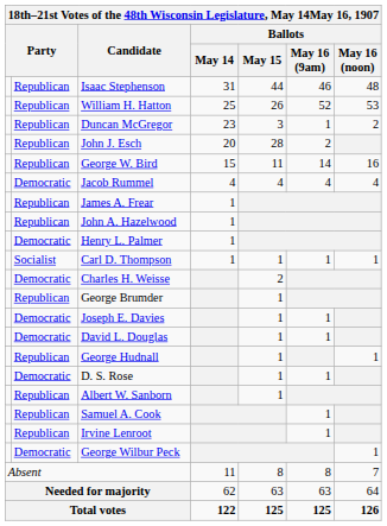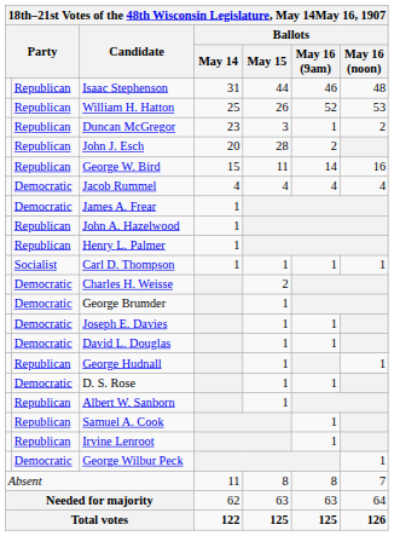 <table class="wikitable sortable">
 <tr>
 <th colspan="7" align="center">18th–21st Votes of the <a href='#'>48th Wisconsin Legislature</a>, May 14May 16, 1907</th>
 </tr>
 <tr>
 <th colspan="2" rowspan="2" class="unsortable">Party</th>
 <th rowspan="2" class="unsortable">Candidate</th>
 <th colspan="4">Ballots</th>
 </tr>
 <tr>
 <th>May 14</th>
 <th>May 15</th>
 <th>May 16<br>(9am)</th>
 <th>May 16<br>(noon)</th>
 </tr>
 <tr>
 <td style="background-color:"></td>
 <td><a href='#'>Republican</a></td>
 <td><a href='#'>Isaac Stephenson</a></td>
 <td align="right">31</td>
 <td align="right">44</td>
 <td align="right">46</td>
 <td align="right">48</td>
 </tr>
 <tr>
 <td style="background-color:"></td>
 <td><a href='#'>Republican</a></td>
 <td><a href='#'>William H. Hatton</a></td>
 <td align="right">25</td>
 <td align="right">26</td>
 <td align="right">52</td>
 <td align="right">53</td>
 </tr>
 <tr>
 <td style="background-color:"></td>
 <td><a href='#'>Republican</a></td>
 <td><a href='#'>Duncan McGregor</a></td>
 <td align="right">23</td>
 <td align="right">3</td>
 <td align="right">1</td>
 <td align="right">2</td>
 </tr>
 <tr>
 <td style="background-color:"></td>
 <td><a href='#'>Republican</a></td>
 <td><a href='#'>John J. Esch</a></td>
 <td align="right">20</td>
 <td align="right">28</td>
 <td align="right">2</td>
 <th></th>
 </tr>
 <tr>
 <td style="background-color:"></td>
 <td><a href='#'>Republican</a></td>
 <td><a href='#'>George W. Bird</a></td>
 <td align="right">15</td>
 <td align="right">11</td>
 <td align="right">14</td>
 <td align="right">16</td>
 </tr>
 <tr>
 <td style="background-color:"></td>
 <td><a href='#'>Democratic</a></td>
 <td><a href='#'>Jacob Rummel</a></td>
 <td align="right">4</td>
 <td align="right">4</td>
 <td align="right">4</td>
 <td align="right">4</td>
 </tr>
 <tr>
 <td style="background-color:"></td>
-<td><a href='#'>Republican</a></td>
+<td><a href='#'>Democratic</a></td>
 <td><a href='#'>James A. Frear</a></td>
 <td align="right">1</td>
 <th colspan="3"></th>
 </tr>
 <tr>
 <td style="background-color:"></td>
 <td><a href='#'>Republican</a></td>
 <td><a href='#'>John A. Hazelwood</a></td>
 <td align="right">1</td>
 <th colspan="3"></th>
 </tr>
 <tr>
 <td style="background-color:"></td>
-<td><a href='#'>Democratic</a></td>
+<td><a href='#'>Republican</a></td>
 <td><a href='#'>Henry L. Palmer</a></td>
 <td align="right">1</td>
 <th colspan="3"></th>
 </tr>
 <tr>
 <td style="background-color:"></td>
 <td><a href='#'>Socialist</a></td>
 <td><a href='#'>Carl D. Thompson</a></td>
 <td align="right">1</td>
 <td align="right">1</td>
 <td align="right">1</td>
 <td align="right">1</td>
 </tr>
 <tr>
 <td style="background-color:"></td>
 <td><a href='#'>Democratic</a></td>
 <td><a href='#'>Charles H. Weisse</a></td>
 <th></th>
 <td align="right">2</td>
 <th colspan="2"></th>
 </tr>
 <tr>
 <td style="background-color:"></td>
-<td><a href='#'>Republican</a></td>
+<td><a href='#'>Democratic</a></td>
 <td>George Brumder</td>
 <th></th>
 <td align="right">1</td>
 <th colspan="2"></th>
 </tr>
 <tr>
 <td style="background-color:"></td>
 <td><a href='#'>Democratic</a></td>
 <td><a href='#'>Joseph E. Davies</a></td>
 <th></th>
 <td align="right">1</td>
 <td align="right">1</td>
 <th></th>
 </tr>
 <tr>
 <td style="background-color:"></td>
 <td><a href='#'>Democratic</a></td>
 <td><a href='#'>David L. Douglas</a></td>
 <th></th>
 <td align="right">1</td>
 <td align="right">1</td>
 <th></th>
 </tr>
 <tr>
 <td style="background-color:"></td>
 <td><a href='#'>Republican</a></td>
 <td><a href='#'>George Hudnall</a></td>
 <th></th>
 <td align="right">1</td>
 <th></th>
 <td align="right">1</td>
 </tr>
 <tr>
 <td style="background-color:"></td>
 <td><a href='#'>Democratic</a></td>
 <td>D. S. Rose</td>
 <th></th>
 <td align="right">1</td>
 <td align="right">1</td>
 <th></th>
 </tr>
 <tr>
 <td style="background-color:"></td>
 <td><a href='#'>Republican</a></td>
 <td><a href='#'>Albert W. Sanborn</a></td>
 <th></th>
 <td align="right">1</td>
 <th colspan="2"></th>
 </tr>
 <tr>
 <td style="background-color:"></td>
 <td><a href='#'>Republican</a></td>
 <td><a href='#'>Samuel A. Cook</a></td>
 <th colspan="2"></th>
 <td align="right">1</td>
 <th></th>
 </tr>
 <tr>
 <td style="background-color:"></td>
 <td><a href='#'>Republican</a></td>
 <td><a href='#'>Irvine Lenroot</a></td>
 <th colspan="2"></th>
 <td align="right">1</td>
 <th></th>
 </tr>
 <tr>
 <td style="background-color:"></td>
 <td><a href='#'>Democratic</a></td>
 <td><a href='#'>George Wilbur Peck</a></td>
 <th colspan="3"></th>
 <td align="right">1</td>
 </tr>
 <tr>
 <td colspan="3"><em>Absent</em></td>
 <td align="right">11</td>
 <td align="right">8</td>
 <td align="right">8</td>
 <td align="right">7</td>
 </tr>
 <tr>
 <th colspan="3">Needed for majority</th>
 <td align="right">62</td>
 <td align="right">63</td>
 <td align="right">63</td>
 <td align="right">64</td>
 </tr>
 <tr>
 <th colspan="3">Total votes</th>
 <td align="right"><strong>122</strong></td>
 <td align="right"><strong>125</strong></td>
 <td align="right"><strong>125</strong></td>
 <td align="right"><strong>126</strong></td>
 </tr>
 </table>
